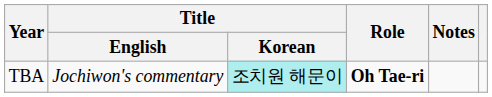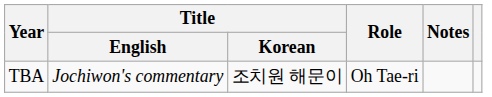 <table class="wikitable sortable">
 <tr>
 <th scope="col" rowspan="2">Year</th>
 <th scope="col" colspan="2">Title</th>
 <th scope="col" rowspan="2">Role</th>
 <th scope="col" rowspan="2" class="unsortable">Notes</th>
 <th scope="col" rowspan="2" class="unsortable"></th>
 </tr>
 <tr>
 <th>English</th>
 <th>Korean</th>
 </tr>
 <tr>
 <td scope="row">TBA</td>
 <td><em>Jochiwon's commentary</em></td>
-<td style="background: paleturquoise;">조치원 해문이</td>
-<td><strong>Oh Tae-ri</strong></td>
+<td>조치원 해문이</td>
+<td>Oh Tae-ri</td>
 <td></td>
 <td></td>
 </tr>
 </table>
